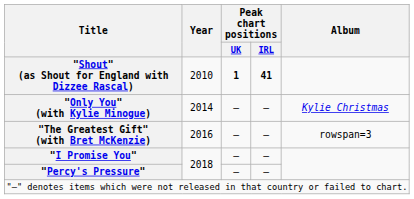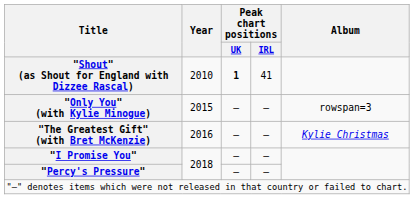 <table class="wikitable plainrowheaders" style="text-align:center;">
 <tr>
 <th scope="col" rowspan="2" style="width:18em;">Title</th>
 <th scope="col" rowspan="2">Year</th>
 <th scope="col" colspan="2">Peak chart positions</th>
 <th scope="col" rowspan="2">Album</th>
 </tr>
 <tr>
 <th scope="col" style="width:3em;font-size:90%;"><a href='#'>UK</a></th>
 <th scope="col" style="width:3em;font-size:90%;"><a href='#'>IRL</a><br></th>
 </tr>
 <tr>
 <th scope="row">"<a href='#'>Shout</a>"<br><span>(as Shout for England with <a href='#'>Dizzee Rascal</a>)</span></th>
 <td>2010</td>
 <td><strong>1</strong></td>
-<td><strong>41</strong></td>
+<td>41</td>
 <td></td>
 </tr>
 <tr>
 <th scope="row">"<a href='#'>Only You</a>"<br><span>(with <a href='#'>Kylie Minogue</a>)</span></th>
-<td>2014</td>
+<td>2015</td>
 <td>—</td>
 <td>—</td>
-<td><em><a href='#'>Kylie Christmas</a></em></td>
+<td>rowspan=3 </td>
 </tr>
 <tr>
 <th scope="row">"The Greatest Gift"<br><span>(with <a href='#'>Bret McKenzie</a>)</span></th>
 <td>2016</td>
 <td>—</td>
 <td>—</td>
-<td>rowspan=3 </td>
+<td><em><a href='#'>Kylie Christmas</a></em></td>
 </tr>
 <tr>
 <th scope="row">"<a href='#'>I Promise You</a>"<br><span></span></th>
 <td rowspan=2>2018</td>
 <td>—</td>
 <td>—</td>
 </tr>
 <tr>
 <th scope="row">"<a href='#'>Percy's Pressure</a>"<br><span></span></th>
 <td>—</td>
 <td>—</td>
 </tr>
 <tr>
 <td colspan="5" style="text-align:center; font-size:90%;">"—" denotes items which were not released in that country or failed to chart.</td>
 </tr>
 </table>
